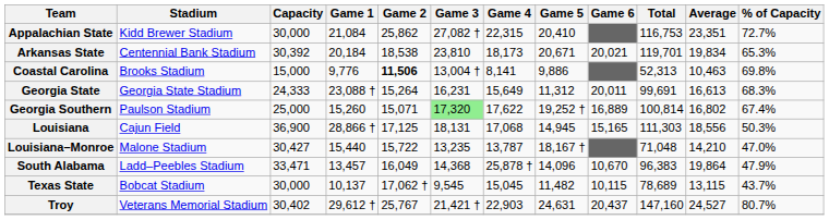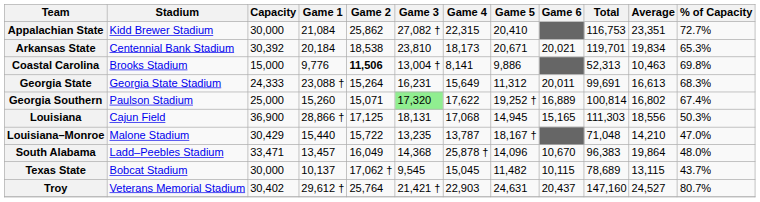 <table class="wikitable sortable">
 <tr>
 <th>Team</th>
 <th>Stadium</th>
 <th>Capacity</th>
 <th>Game 1</th>
 <th>Game 2</th>
 <th>Game 3</th>
 <th>Game 4</th>
 <th>Game 5</th>
 <th>Game 6</th>
 <th>Total</th>
 <th>Average</th>
 <th>% of Capacity</th>
 </tr>
 <tr>
 <th>Appalachian State</th>
 <td><a href='#'>Kidd Brewer Stadium</a></td>
 <td>30,000</td>
 <td>21,084</td>
 <td>25,862</td>
 <td>27,082 †</td>
 <td>22,315</td>
 <td>20,410</td>
 <td style="background:#666666;"></td>
 <td>116,753</td>
 <td>23,351</td>
 <td>72.7%</td>
 </tr>
 <tr>
 <th>Arkansas State</th>
 <td><a href='#'>Centennial Bank Stadium</a></td>
 <td>30,392</td>
 <td>20,184</td>
 <td>18,538</td>
 <td>23,810</td>
 <td>18,173</td>
 <td>20,671</td>
 <td>20,021</td>
 <td>119,701</td>
 <td>19,834</td>
 <td>65.3%</td>
 </tr>
 <tr>
 <th>Coastal Carolina</th>
 <td><a href='#'>Brooks Stadium</a></td>
 <td>15,000</td>
 <td>9,776</td>
 <td><strong>11,506</strong></td>
 <td>13,004 †</td>
 <td>8,141</td>
 <td>9,886</td>
 <td style="background:#666666;"></td>
 <td>52,313</td>
 <td>10,463</td>
 <td>69.8%</td>
 </tr>
 <tr>
 <th>Georgia State</th>
 <td><a href='#'>Georgia State Stadium</a></td>
 <td>24,333</td>
 <td>23,088 †</td>
 <td>15,264</td>
 <td>16,231</td>
 <td>15,649</td>
 <td>11,312</td>
 <td>20,011</td>
 <td>99,691</td>
 <td>16,613</td>
 <td>68.3%</td>
 </tr>
 <tr>
 <th>Georgia Southern</th>
 <td><a href='#'>Paulson Stadium</a></td>
 <td>25,000</td>
 <td>15,260</td>
 <td>15,071</td>
 <td style="background: lightgreen;">17,320</td>
 <td>17,622</td>
 <td>19,252 †</td>
 <td>16,889</td>
 <td>100,814</td>
 <td>16,802</td>
 <td>67.4%</td>
 </tr>
 <tr>
 <th>Louisiana</th>
 <td><a href='#'>Cajun Field</a></td>
 <td>36,900</td>
 <td>28,866 †</td>
 <td>17,125</td>
 <td>18,131</td>
 <td>17,068</td>
 <td>14,945</td>
 <td>15,165</td>
 <td>111,303</td>
 <td>18,556</td>
 <td>50.3%</td>
 </tr>
 <tr>
 <th>Louisiana–Monroe</th>
 <td><a href='#'>Malone Stadium</a></td>
-<td>30,427</td>
+<td>30,429</td>
 <td>15,440</td>
 <td>15,722</td>
 <td>13,235</td>
 <td>13,787</td>
 <td>18,167 †</td>
 <td style="background:#666666;"></td>
 <td>71,048</td>
 <td>14,210</td>
 <td>47.0%</td>
 </tr>
 <tr>
 <th>South Alabama</th>
 <td><a href='#'>Ladd–Peebles Stadium</a></td>
 <td>33,471</td>
 <td>13,457</td>
 <td>16,049</td>
 <td>14,368</td>
 <td>25,878 †</td>
 <td>14,096</td>
 <td>10,670</td>
 <td>96,383</td>
 <td>19,864</td>
-<td>47.9%</td>
+<td>48.0%</td>
 </tr>
 <tr>
 <th>Texas State</th>
 <td><a href='#'>Bobcat Stadium</a></td>
 <td>30,000</td>
 <td>10,137</td>
 <td>17,062 †</td>
 <td>9,545</td>
 <td>15,045</td>
 <td>11,482</td>
 <td>10,115</td>
 <td>78,689</td>
 <td>13,115</td>
 <td>43.7%</td>
 </tr>
 <tr>
 <th>Troy</th>
 <td><a href='#'>Veterans Memorial Stadium</a></td>
 <td>30,402</td>
 <td>29,612 †</td>
-<td>25,767</td>
+<td>25,764</td>
 <td>21,421 †</td>
 <td>22,903</td>
 <td>24,631</td>
 <td>20,437</td>
 <td>147,160</td>
 <td>24,527</td>
 <td>80.7%</td>
 </tr>
 <tr>
 </tr>
 </table>
